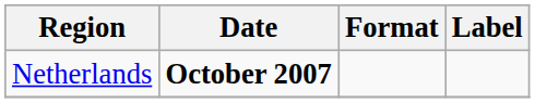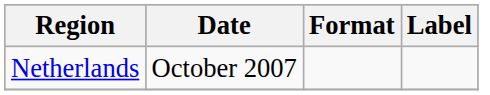 <table class=wikitable>
 <tr>
 <th>Region</th>
 <th>Date</th>
 <th>Format</th>
 <th>Label</th>
 </tr>
 <tr>
 <td><a href='#'>Netherlands</a></td>
-<td><strong>October 2007</strong></td>
+<td>October 2007</td>
 <td></td>
 <td></td>
 </tr>
 <tr>
 </tr>
 </table>
